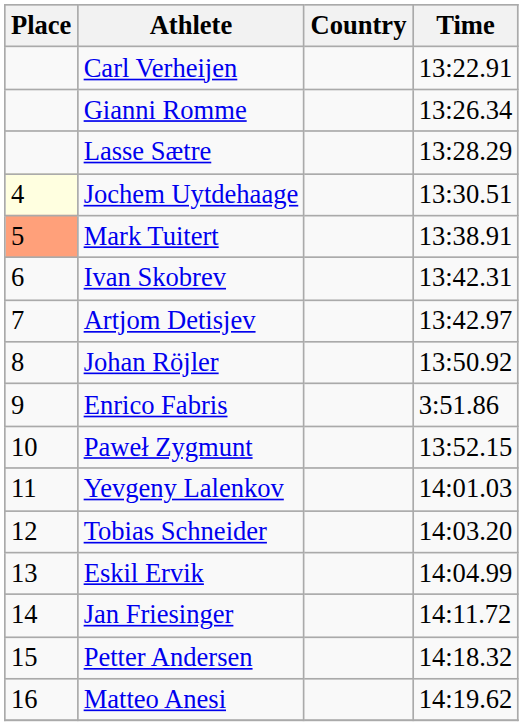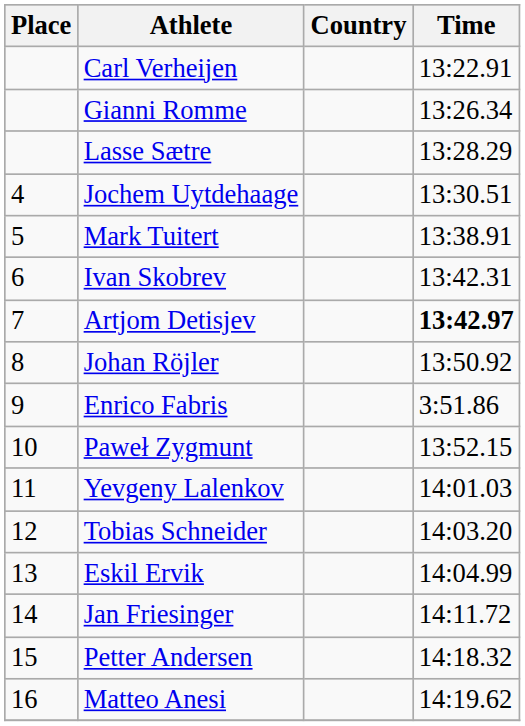 <table class="wikitable sortable" border="1">
 <tr>
 <th Scope=”col”>Place</th>
 <th Scope=”col”>Athlete</th>
 <th Scope=”col”>Country</th>
 <th Scope=”col”>Time</th>
 </tr>
 <tr>
 <td></td>
 <td><a href='#'>Carl Verheijen</a></td>
 <td></td>
 <td>13:22.91</td>
 </tr>
 <tr>
 <td></td>
 <td><a href='#'>Gianni Romme</a></td>
 <td></td>
 <td>13:26.34</td>
 </tr>
 <tr>
 <td></td>
 <td><a href='#'>Lasse Sætre</a></td>
 <td></td>
 <td>13:28.29</td>
 </tr>
 <tr>
-<td style="background: lightyellow;">4</td>
+<td>4</td>
 <td><a href='#'>Jochem Uytdehaage</a></td>
 <td></td>
 <td>13:30.51</td>
 </tr>
 <tr>
-<td style="background: lightsalmon;">5</td>
+<td>5</td>
 <td><a href='#'>Mark Tuitert</a></td>
 <td></td>
 <td>13:38.91</td>
 </tr>
 <tr>
 <td>6</td>
 <td><a href='#'>Ivan Skobrev</a></td>
 <td></td>
 <td>13:42.31</td>
 </tr>
 <tr>
 <td>7</td>
 <td><a href='#'>Artjom Detisjev</a></td>
 <td></td>
-<td>13:42.97</td>
+<td><strong>13:42.97</strong></td>
 </tr>
 <tr>
 <td>8</td>
 <td><a href='#'>Johan Röjler</a></td>
 <td></td>
 <td>13:50.92</td>
 </tr>
 <tr>
 <td>9</td>
 <td><a href='#'>Enrico Fabris</a></td>
 <td></td>
 <td>3:51.86</td>
 </tr>
 <tr>
 <td>10</td>
 <td><a href='#'>Paweł Zygmunt</a></td>
 <td></td>
 <td>13:52.15</td>
 </tr>
 <tr>
 <td>11</td>
 <td><a href='#'>Yevgeny Lalenkov</a></td>
 <td></td>
 <td>14:01.03</td>
 </tr>
 <tr>
 <td>12</td>
 <td><a href='#'>Tobias Schneider</a></td>
 <td></td>
 <td>14:03.20</td>
 </tr>
 <tr>
 <td>13</td>
 <td><a href='#'>Eskil Ervik</a></td>
 <td></td>
 <td>14:04.99</td>
 </tr>
 <tr>
 <td>14</td>
 <td><a href='#'>Jan Friesinger</a></td>
 <td></td>
 <td>14:11.72</td>
 </tr>
 <tr>
 <td>15</td>
 <td><a href='#'>Petter Andersen</a></td>
 <td></td>
 <td>14:18.32</td>
 </tr>
 <tr>
 <td>16</td>
 <td><a href='#'>Matteo Anesi</a></td>
 <td></td>
 <td>14:19.62</td>
 </tr>
 <tr>
 </tr>
 </table>
